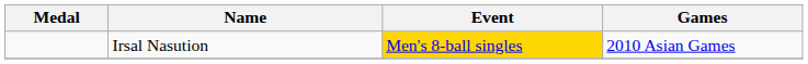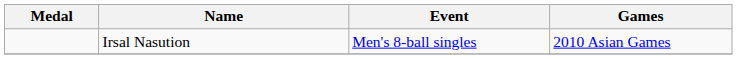 <table class="wikitable sortable" style="font-size:100%">
 <tr>
 <th width="90">Medal</th>
 <th width="250">Name</th>
 <th width="200">Event</th>
 <th width="180">Games</th>
 </tr>
 <tr>
 <td></td>
 <td>Irsal Nasution</td>
-<td style="background: gold;"><a href='#'>Men's 8-ball singles</a></td>
+<td><a href='#'>Men's 8-ball singles</a></td>
 <td><a href='#'>2010 Asian Games</a></td>
 </tr>
 <tr>
 </tr>
 </table>
